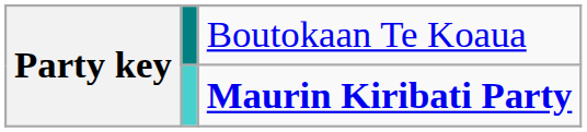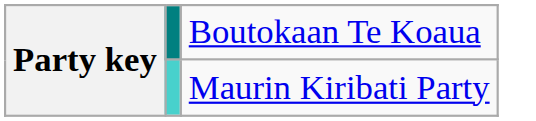 <table class=wikitable>
 <tr>
 <th rowspan=2>Party key</th>
 <td style="background:#008080"></td>
 <td><a href='#'>Boutokaan Te Koaua</a></td>
 </tr>
 <tr>
 <td style="background:#48D1CC"></td>
-<td><strong><a href='#'>Maurin Kiribati Party</a></strong></td>
+<td><a href='#'>Maurin Kiribati Party</a></td>
 </tr>
 </table>
